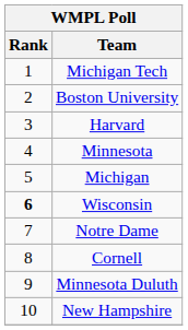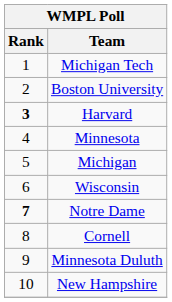 <table class="wikitable" style="text-align:center;">
 <tr>
 <th colspan=2><strong>WMPL Poll</strong></th>
 </tr>
 <tr>
 <th>Rank</th>
 <th>Team</th>
 </tr>
 <tr>
 <td>1</td>
 <td><a href='#'>Michigan Tech</a></td>
 </tr>
 <tr>
 <td>2</td>
 <td><a href='#'>Boston University</a></td>
 </tr>
 <tr>
-<td>3</td>
+<td><strong>3</strong></td>
 <td><a href='#'>Harvard</a></td>
 </tr>
 <tr>
 <td>4</td>
 <td><a href='#'>Minnesota</a></td>
 </tr>
 <tr>
 <td>5</td>
 <td><a href='#'>Michigan</a></td>
 </tr>
 <tr>
-<td><strong>6</strong></td>
+<td>6</td>
 <td><a href='#'>Wisconsin</a></td>
 </tr>
 <tr>
-<td>7</td>
+<td><strong>7</strong></td>
 <td><a href='#'>Notre Dame</a></td>
 </tr>
 <tr>
 <td>8</td>
 <td><a href='#'>Cornell</a></td>
 </tr>
 <tr>
 <td>9</td>
 <td><a href='#'>Minnesota Duluth</a></td>
 </tr>
 <tr>
 <td>10</td>
 <td><a href='#'>New Hampshire</a></td>
 </tr>
 <tr>
 </tr>
 </table>
